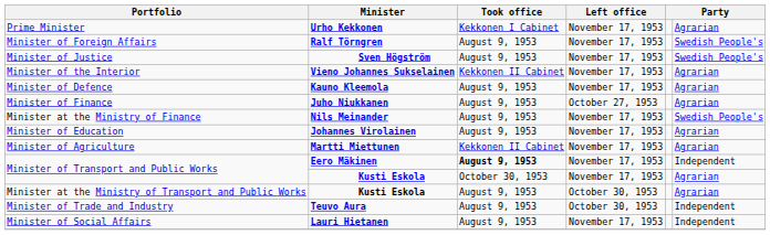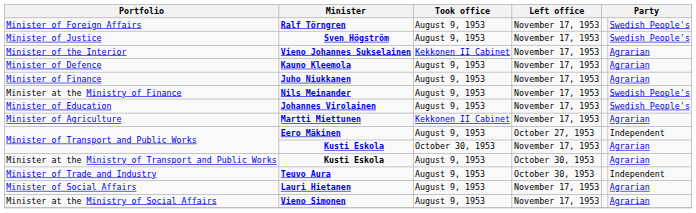 <table class=wikitable>
 <tr>
 <th>Portfolio</th>
 <th>Minister</th>
 <th>Took office</th>
 <th>Left office</th>
 <th colspan ="2">Party</th>
-</tr>
-<tr>
-<td align="left"><a href='#'>Prime Minister</a></td>
-<td align="left"> <strong><a href='#'>Urho Kekkonen</a></strong></td>
-<td><a href='#'>Kekkonen I Cabinet</a></td>
-<td>November 17, 1953</td>
-<td style="width: 4px; background: "></td>
-<td><a href='#'>Agrarian</a></td>
 </tr>
 <tr>
 <td align="left"><a href='#'>Minister of  Foreign Affairs</a></td>
 <td align="left"> <strong><a href='#'>Ralf Törngren</a></strong></td>
 <td>August 9, 1953</td>
 <td>November 17, 1953</td>
 <td style="width: 4px; background: "></td>
 <td><a href='#'>Swedish People's</a></td>
 </tr>
 <tr>
 <td align="left"><a href='#'>Minister of Justice</a></td>
 <td style="padding-left:70px" align="left"><strong><a href='#'>Sven Högström</a></strong></td>
 <td>August 9, 1953</td>
 <td>November 17, 1953</td>
 <td style="width: 4px; background: "></td>
 <td><a href='#'>Swedish People's</a></td>
 </tr>
 <tr>
 <td align="left"><a href='#'>Minister of the Interior</a></td>
 <td align="left"> <strong><a href='#'>Vieno Johannes Sukselainen</a></strong></td>
 <td><a href='#'>Kekkonen II Cabinet</a></td>
 <td>November 17, 1953</td>
 <td style="width: 4px; background: "></td>
 <td><a href='#'>Agrarian</a></td>
 </tr>
 <tr>
 <td align="left"><a href='#'>Minister of Defence</a></td>
 <td align="left"> <strong><a href='#'>Kauno Kleemola</a></strong></td>
 <td>August 9, 1953</td>
 <td>November 17, 1953</td>
 <td style="width: 4px; background: "></td>
 <td><a href='#'>Agrarian</a></td>
 </tr>
 <tr>
 <td align="left"><a href='#'>Minister of Finance</a></td>
 <td align="left"> <strong><a href='#'>Juho Niukkanen</a></strong></td>
 <td>August 9, 1953</td>
-<td>October 27, 1953 </td>
+<td>November 17, 1953</td>
 <td style="width: 4px; background: "></td>
 <td><a href='#'>Agrarian</a></td>
 </tr>
 <tr>
 <td align="left">Minister at the <a href='#'>Ministry of Finance</a></td>
 <td align="left"> <strong><a href='#'>Nils Meinander</a></strong></td>
 <td>August 9, 1953</td>
 <td>November 17, 1953</td>
 <td style="width: 4px; background: "></td>
 <td><a href='#'>Swedish People's</a></td>
 </tr>
 <tr>
 <td align="left"><a href='#'>Minister of Education</a></td>
 <td align="left"> <strong><a href='#'>Johannes Virolainen</a></strong></td>
 <td>August 9, 1953</td>
 <td>November 17, 1953</td>
 <td style="width: 4px; background: "></td>
-<td><a href='#'>Agrarian</a></td>
+<td><a href='#'>Swedish People's</a></td>
 </tr>
 <tr>
 <td align="left"><a href='#'>Minister of Agriculture</a></td>
 <td align="left"> <strong><a href='#'>Martti Miettunen</a></strong></td>
 <td><a href='#'>Kekkonen II Cabinet</a></td>
 <td>November 17, 1953</td>
 <td style="width: 4px; background: "></td>
 <td><a href='#'>Agrarian</a></td>
 </tr>
 <tr>
 <td rowspan="2" align="left"><a href='#'>Minister of Transport and Public Works</a></td>
 <td align="left"> <strong><a href='#'>Eero Mäkinen</a></strong></td>
-<td><strong>August 9, 1953</strong></td>
-<td>November 17, 1953</td>
+<td>August 9, 1953</td>
+<td>October 27, 1953 </td>
 <td style="width: 4px; background: "></td>
 <td>Independent</td>
 </tr>
 <tr>
 <td style="padding-left:70px" align="left"><strong><a href='#'>Kusti Eskola</a></strong></td>
 <td>October 30, 1953</td>
 <td>November 17, 1953</td>
 <td style="width: 4px; background: "></td>
 <td><a href='#'>Agrarian</a></td>
 </tr>
 <tr>
 <td align="left">Minister at the <a href='#'>Ministry of Transport and Public Works</a></td>
 <td style="padding-left:70px" align="left"><strong>Kusti Eskola</strong></td>
 <td>August 9, 1953</td>
 <td>October 30, 1953</td>
 <td style="width: 4px; background: "></td>
 <td><a href='#'>Agrarian</a></td>
 </tr>
 <tr>
 <td align="left"><a href='#'>Minister of Trade and Industry</a></td>
 <td align="left"> <strong><a href='#'>Teuvo Aura</a></strong></td>
 <td>August 9, 1953</td>
 <td>October 30, 1953</td>
 <td style="width: 4px; background: "></td>
 <td>Independent</td>
 </tr>
 <tr>
 <td align="left"><a href='#'>Minister of Social Affairs</a></td>
 <td align="left"> <strong><a href='#'>Lauri Hietanen</a></strong></td>
 <td>August 9, 1953</td>
 <td>November 17, 1953</td>
 <td style="width: 4px; background: "></td>
-<td>Independent</td>
+<td><a href='#'>Agrarian</a></td>
+</tr>
+<tr>
+<td align="left">Minister at the <a href='#'>Ministry of Social Affairs</a></td>
+<td align="left"> <strong><a href='#'>Vieno Simonen</a></strong></td>
+<td>August 9, 1953</td>
+<td>November 17, 1953</td>
+<td style="width: 4px; background: "></td>
+<td><a href='#'>Agrarian</a></td>
 </tr>
 <tr>
 </tr>
 </table>
